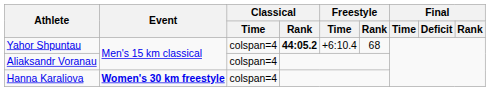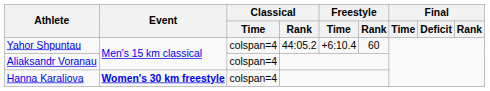 <table class=wikitable style=font-size:90%;text-align:center>
 <tr>
 <th rowspan=2>Athlete</th>
 <th rowspan=2>Event</th>
 <th colspan=2>Classical</th>
 <th colspan=2>Freestyle</th>
 <th colspan=3>Final</th>
 </tr>
 <tr>
 <th>Time</th>
 <th>Rank</th>
 <th>Time</th>
 <th>Rank</th>
 <th>Time</th>
 <th>Deficit</th>
 <th>Rank</th>
 </tr>
 <tr>
 <td align=left><a href='#'>Yahor Shpuntau</a></td>
 <td align=left rowspan=2><a href='#'>Men's 15 km classical</a></td>
 <td>colspan=4 </td>
-<td><strong>44:05.2</strong></td>
+<td>44:05.2</td>
 <td>+6:10.4</td>
-<td>68</td>
+<td>60</td>
 </tr>
 <tr>
 <td align=left><a href='#'>Aliaksandr Voranau</a></td>
 <td>colspan=4 </td>
 <td colspan=3></td>
 </tr>
 <tr align=center>
 <td align=left><a href='#'>Hanna Karaliova</a></td>
 <td align=left><strong><a href='#'>Women's 30 km freestyle</a></strong></td>
 <td>colspan=4 </td>
 <td colspan=3></td>
 </tr>
 </table>
